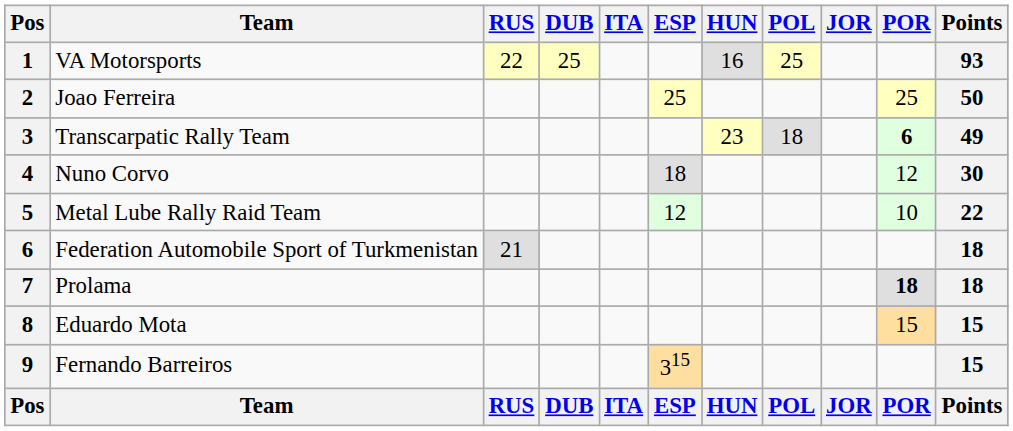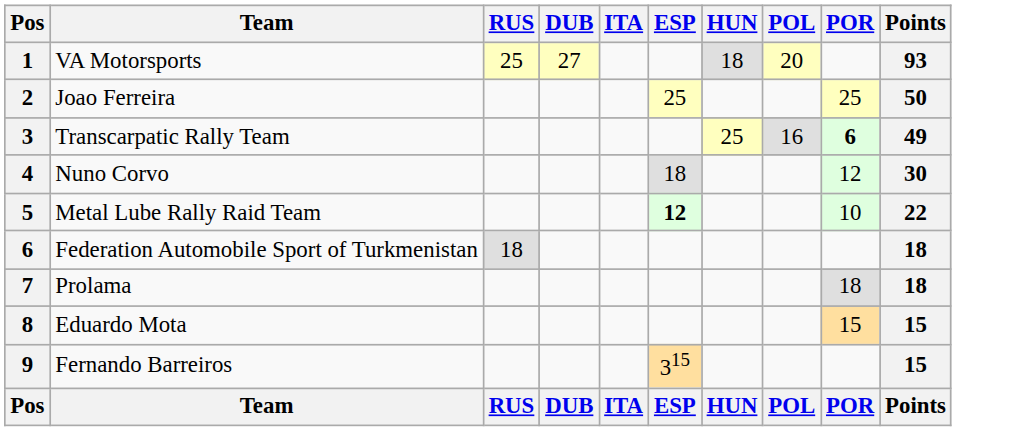 <table class="wikitable" style="font-size: 85%; text-align: center; display: inline-table;">
 <tr valign="top">
 <th valign="middle">Pos</th>
 <th valign="middle">Team</th>
 <th><a href='#'>RUS</a><br></th>
 <th><a href='#'>DUB</a><br></th>
 <th><a href='#'>ITA</a><br></th>
 <th><a href='#'>ESP</a><br></th>
 <th><a href='#'>HUN</a><br></th>
 <th><a href='#'>POL</a><br></th>
-<th><a href='#'>JOR</a><br></th>
 <th><a href='#'>POR</a><br></th>
 <th valign="middle">Points</th>
 </tr>
 <tr>
 <th>1</th>
 <td align=left> VA Motorsports</td>
-<td style="background:#ffffbf;">22</td>
 <td style="background:#ffffbf;">25</td>
+<td style="background:#ffffbf;">27</td>
 <td></td>
 <td></td>
-<td style="background:#dfdfdf;">16</td>
-<td style="background:#ffffbf;">25</td>
-<td></td>
+<td style="background:#dfdfdf;">18</td>
+<td style="background:#ffffbf;">20</td>
 <td></td>
 <th>93</th>
 </tr>
 <tr>
 <th>2</th>
 <td align=left> Joao Ferreira</td>
 <td></td>
 <td></td>
 <td></td>
 <td style="background:#ffffbf;">25</td>
 <td></td>
 <td></td>
-<td></td>
 <td style="background:#ffffbf;">25</td>
 <th>50</th>
 </tr>
 <tr>
 <th>3</th>
 <td align=left> Transcarpatic Rally Team</td>
 <td></td>
 <td></td>
 <td></td>
 <td></td>
-<td style="background:#ffffbf;">23</td>
-<td style="background:#dfdfdf;">18</td>
-<td></td>
+<td style="background:#ffffbf;">25</td>
+<td style="background:#dfdfdf;">16</td>
 <td style="background:#dfffdf;"><strong>6</strong></td>
 <th>49</th>
 </tr>
 <tr>
 <th>4</th>
 <td align=left> Nuno Corvo</td>
 <td></td>
 <td></td>
 <td></td>
 <td style="background:#dfdfdf;">18</td>
 <td></td>
 <td></td>
-<td></td>
 <td style="background:#dfffdf;">12</td>
 <th>30</th>
 </tr>
 <tr>
 <th>5</th>
 <td align=left> Metal Lube Rally Raid Team</td>
 <td></td>
 <td></td>
 <td></td>
-<td style="background:#dfffdf;">12</td>
-<td></td>
+<td style="background:#dfffdf;"><strong>12</strong></td>
 <td></td>
 <td></td>
 <td style="background:#dfffdf;">10</td>
 <th>22</th>
 </tr>
 <tr>
 <th>6</th>
 <td align=left> Federation Automobile Sport of Turkmenistan</td>
-<td style="background:#dfdfdf;">21</td>
-<td></td>
+<td style="background:#dfdfdf;">18</td>
 <td></td>
 <td></td>
 <td></td>
 <td></td>
 <td></td>
 <td></td>
 <th>18</th>
 </tr>
 <tr>
 <th>7</th>
 <td align=left> Prolama</td>
 <td></td>
 <td></td>
 <td></td>
 <td></td>
 <td></td>
 <td></td>
-<td></td>
-<td style="background:#dfdfdf;"><strong>18</strong></td>
+<td style="background:#dfdfdf;">18</td>
 <th>18</th>
 </tr>
 <tr>
 <th>8</th>
 <td align=left> Eduardo Mota</td>
-<td></td>
 <td></td>
 <td></td>
 <td></td>
 <td></td>
 <td></td>
 <td></td>
 <td style="background:#ffdf9f;">15</td>
 <th>15</th>
 </tr>
 <tr>
 <th>9</th>
 <td align=left> Fernando Barreiros</td>
 <td></td>
 <td></td>
 <td></td>
 <td style="background:#ffdf9f;">3<sup>15</sup></td>
 <td></td>
 <td></td>
 <td></td>
-<td></td>
 <th>15</th>
 </tr>
 <tr valign="top">
 <th valign="middle">Pos</th>
 <th valign="middle">Team</th>
 <th><a href='#'>RUS</a><br></th>
 <th><a href='#'>DUB</a><br></th>
 <th><a href='#'>ITA</a><br></th>
 <th><a href='#'>ESP</a><br></th>
 <th><a href='#'>HUN</a><br></th>
 <th><a href='#'>POL</a><br></th>
-<th><a href='#'>JOR</a><br></th>
 <th><a href='#'>POR</a><br></th>
 <th valign="middle">Points</th>
 </tr>
 </table>
